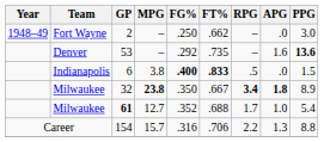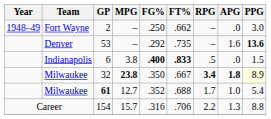 <table class="wikitable sortable" style="font-size:95%; text-align:right;">
 <tr>
 <th>Year</th>
 <th>Team</th>
 <th>GP</th>
 <th>MPG</th>
 <th>FG%</th>
 <th>FT%</th>
 <th>RPG</th>
 <th>APG</th>
 <th>PPG</th>
 </tr>
 <tr>
 <td style="text-align:left;"><a href='#'>1948–49</a></td>
 <td style="text-align:left;"><a href='#'>Fort Wayne</a></td>
 <td>2</td>
 <td>–</td>
 <td>.250</td>
 <td>.662</td>
 <td>–</td>
 <td>.0</td>
 <td>3.0</td>
 </tr>
 <tr>
 <td style="text-align:left;"></td>
 <td style="text-align:left;"><a href='#'>Denver</a></td>
 <td>53</td>
 <td>–</td>
 <td>.292</td>
 <td>.735</td>
 <td>–</td>
 <td>1.6</td>
 <td><strong>13.6</strong></td>
 </tr>
 <tr>
 <td style="text-align:left;"></td>
 <td style="text-align:left;"><a href='#'>Indianapolis</a></td>
 <td>6</td>
 <td>3.8</td>
 <td><strong>.400</strong></td>
 <td><strong>.833</strong></td>
 <td>.5</td>
 <td>.0</td>
 <td>1.5</td>
 </tr>
 <tr>
 <td style="text-align:left;"></td>
 <td style="text-align:left;"><a href='#'>Milwaukee</a></td>
 <td>32</td>
 <td><strong>23.8</strong></td>
 <td>.350</td>
 <td>.667</td>
 <td><strong>3.4</strong></td>
 <td><strong>1.8</strong></td>
-<td>8.9</td>
+<td style="background: lightyellow;">8.9</td>
 </tr>
 <tr>
 <td style="text-align:left;"></td>
 <td style="text-align:left;"><a href='#'>Milwaukee</a></td>
 <td><strong>61</strong></td>
 <td>12.7</td>
 <td>.352</td>
 <td>.688</td>
 <td>1.7</td>
 <td>1.0</td>
 <td>5.4</td>
 </tr>
 <tr>
 <td style="text-align:center;" colspan="2">Career</td>
 <td>154</td>
 <td>15.7</td>
 <td>.316</td>
 <td>.706</td>
 <td>2.2</td>
 <td>1.3</td>
 <td>8.8</td>
 </tr>
 <tr>
 </tr>
 </table>
